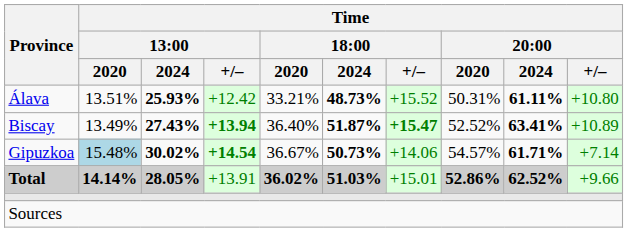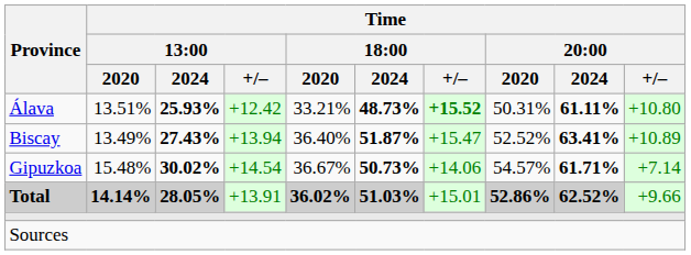 <table class="wikitable sortable" style="text-align:right;">
 <tr>
 <th rowspan="3">Province</th>
 <th colspan="9">Time</th>
 </tr>
 <tr>
 <th colspan="3">13:00</th>
 <th colspan="3">18:00</th>
 <th colspan="3">20:00</th>
 </tr>
 <tr>
 <th>2020</th>
 <th>2024</th>
 <th>+/–</th>
 <th>2020</th>
 <th>2024</th>
 <th>+/–</th>
 <th>2020</th>
 <th>2024</th>
 <th>+/–</th>
 </tr>
 <tr>
 <td align="left"><a href='#'>Álava</a></td>
 <td>13.51%</td>
 <td><strong>25.93%</strong></td>
 <td style="background:#DDFFDD; color:green;">+12.42</td>
 <td>33.21%</td>
 <td><strong>48.73%</strong></td>
-<td style="background:#DDFFDD; color:green;">+15.52</td>
+<td style="background:#DDFFDD; color:green;"><strong>+15.52</strong></td>
 <td>50.31%</td>
 <td><strong>61.11%</strong></td>
 <td style="background:#DDFFDD; color:green;">+10.80</td>
 </tr>
 <tr>
 <td align="left"><a href='#'>Biscay</a></td>
 <td>13.49%</td>
 <td><strong>27.43%</strong></td>
-<td style="background:#DDFFDD; color:green;"><strong>+13.94</strong></td>
+<td style="background:#DDFFDD; color:green;">+13.94</td>
 <td>36.40%</td>
 <td><strong>51.87%</strong></td>
-<td style="background:#DDFFDD; color:green;"><strong>+15.47</strong></td>
+<td style="background:#DDFFDD; color:green;">+15.47</td>
 <td>52.52%</td>
 <td><strong>63.41%</strong></td>
 <td style="background:#DDFFDD; color:green;">+10.89</td>
 </tr>
 <tr>
 <td align="left"><a href='#'>Gipuzkoa</a></td>
-<td style="background: lightblue;">15.48%</td>
+<td>15.48%</td>
 <td><strong>30.02%</strong></td>
-<td style="background:#DDFFDD; color:green;"><strong>+14.54</strong></td>
+<td style="background:#DDFFDD; color:green;">+14.54</td>
 <td>36.67%</td>
 <td><strong>50.73%</strong></td>
 <td style="background:#DDFFDD; color:green;">+14.06</td>
 <td>54.57%</td>
 <td><strong>61.71%</strong></td>
 <td style="background:#DDFFDD; color:green;">+7.14</td>
 </tr>
 <tr style="background:#CDCDCD;">
 <td align="left"><strong>Total</strong></td>
 <td><strong>14.14%</strong></td>
 <td><strong>28.05%</strong></td>
 <td style="background:#DDFFDD; color:green;">+13.91</td>
 <td><strong>36.02%</strong></td>
 <td><strong>51.03%</strong></td>
 <td style="background:#DDFFDD; color:green;">+15.01</td>
 <td><strong>52.86%</strong></td>
 <td><strong>62.52%</strong></td>
 <td style="background:#DDFFDD; color:green;">+9.66</td>
 </tr>
 <tr>
 <td colspan="10" bgcolor="#E9E9E9"></td>
 </tr>
 <tr>
 <td align="left" colspan="10">Sources</td>
 </tr>
 </table>
